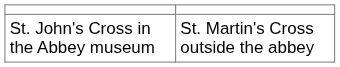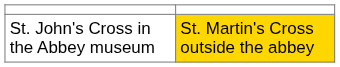 <table border="1" cellpadding="4" style="width:50%; float:right; border-collapse:collapse; margin:5px;">
 <tr>
 <td></td>
 <td></td>
 </tr>
 <tr>
 <td>St. John's Cross in the Abbey museum</td>
-<td>St. Martin's Cross outside the abbey</td>
+<td style="background: gold;">St. Martin's Cross outside the abbey</td>
 </tr>
 </table>
